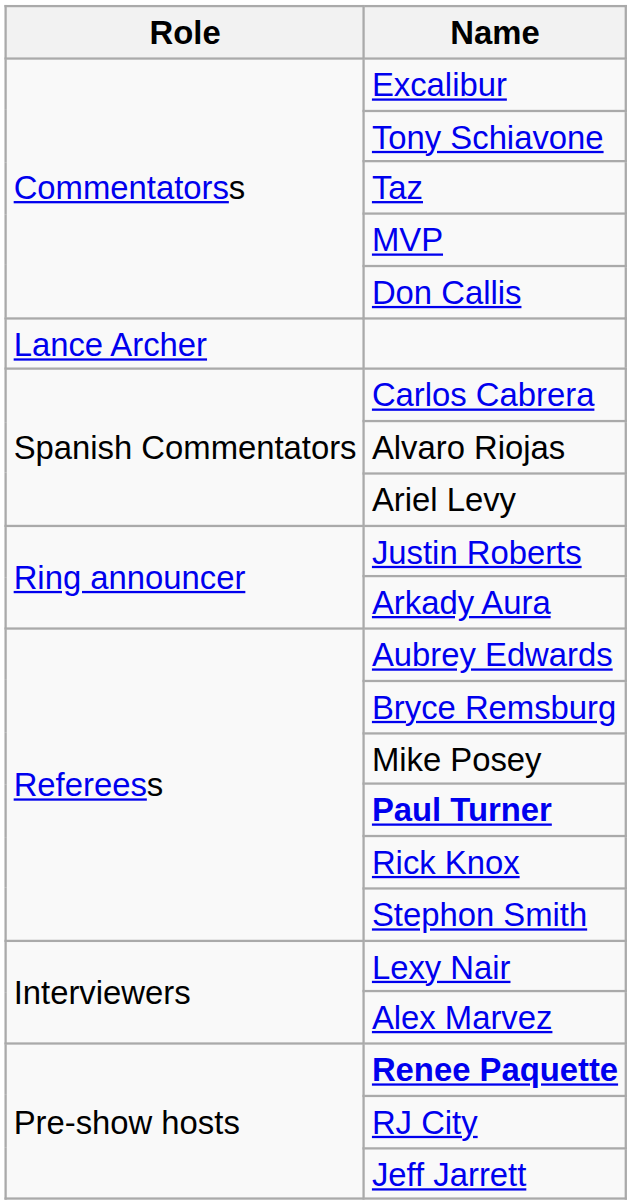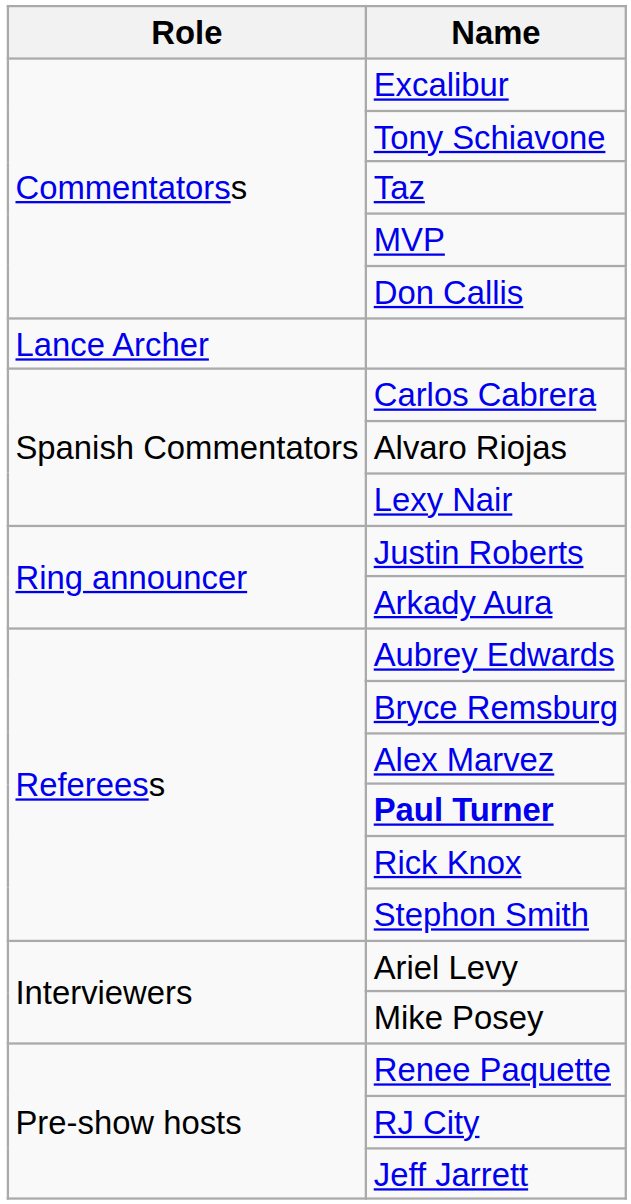 <table class=wikitable style="font-size:90%; margin: 0.5em 0 0.5em 1em; float: right; clear: right;">
 <tr>
 <th>Role</th>
 <th>Name</th>
 </tr>
 <tr>
 <td rowspan=6><a href='#'>Commentators</a>s</td>
 <td><a href='#'>Excalibur</a></td>
 </tr>
 <tr>
 <td><a href='#'>Tony Schiavone</a></td>
 </tr>
 <tr>
 <td><a href='#'>Taz</a></td>
 </tr>
 <tr>
 <td><a href='#'>MVP</a> </td>
 </tr>
 <tr>
 <td><a href='#'>Don Callis</a> </td>
 </tr>
 <tr>
 </tr>
 <tr>
 <td><a href='#'>Lance Archer</a> </td>
 </tr>
 <tr>
 <td rowspan=3>Spanish Commentators</td>
 <td><a href='#'>Carlos Cabrera</a></td>
 </tr>
 <tr>
 <td>Alvaro Riojas</td>
 </tr>
 <tr>
-<td>Ariel Levy</td>
+<td><a href='#'>Lexy Nair</a></td>
 </tr>
 <tr>
 <td rowspan=2><a href='#'>Ring announcer</a></td>
 <td><a href='#'>Justin Roberts</a> </td>
 </tr>
 <tr>
 <td><a href='#'>Arkady Aura</a> </td>
 </tr>
 <tr>
 <td rowspan=6><a href='#'>Referees</a>s</td>
 <td><a href='#'>Aubrey Edwards</a></td>
 </tr>
 <tr>
 <td><a href='#'>Bryce Remsburg</a></td>
 </tr>
 <tr>
-<td>Mike Posey</td>
+<td><a href='#'>Alex Marvez</a></td>
 </tr>
 <tr>
 <td><strong><a href='#'>Paul Turner</a></strong></td>
 </tr>
 <tr>
 <td><a href='#'>Rick Knox</a></td>
 </tr>
 <tr>
 <td><a href='#'>Stephon Smith</a></td>
 </tr>
 <tr>
 <td rowspan=2>Interviewers</td>
-<td><a href='#'>Lexy Nair</a></td>
+<td>Ariel Levy</td>
 </tr>
 <tr>
-<td><a href='#'>Alex Marvez</a></td>
+<td>Mike Posey</td>
 </tr>
 <tr>
 <td rowspan=3>Pre-show hosts</td>
-<td><strong><a href='#'>Renee Paquette</a></strong></td>
+<td><a href='#'>Renee Paquette</a></td>
 </tr>
 <tr>
 <td><a href='#'>RJ City</a></td>
 </tr>
 <tr>
 <td><a href='#'>Jeff Jarrett</a></td>
 </tr>
 </table>
